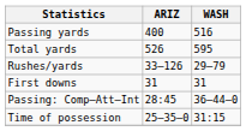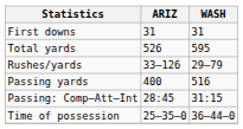 <table class="wikitable" style="float: left;">
 <tr>
 <th>Statistics</th>
 <th>ARIZ</th>
 <th>WASH</th>
 </tr>
 <tr>
-<td>Passing yards</td>
-<td>400</td>
-<td>516</td>
+<td>First downs</td>
+<td>31</td>
+<td>31</td>
 </tr>
 <tr>
 <td>Total yards</td>
 <td>526</td>
 <td>595</td>
 </tr>
 <tr>
 <td>Rushes/yards</td>
 <td>33–126</td>
 <td>29–79</td>
 </tr>
 <tr>
-<td>First downs</td>
-<td>31</td>
-<td>31</td>
+<td>Passing yards</td>
+<td>400</td>
+<td>516</td>
 </tr>
 <tr>
 <td>Passing: Comp–Att–Int</td>
 <td>28:45</td>
-<td>36–44–0</td>
+<td>31:15</td>
 </tr>
 <tr>
 <td>Time of possession</td>
 <td>25–35–0</td>
-<td>31:15</td>
+<td>36–44–0</td>
 </tr>
 <tr>
 </tr>
 </table>
